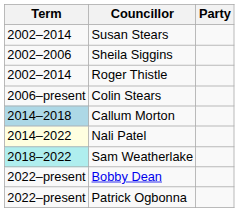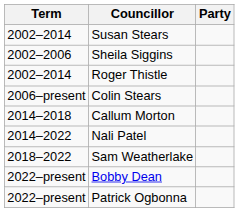 <table class="wikitable">
 <tr>
 <th>Term</th>
 <th>Councillor</th>
 <th colspan=2>Party</th>
 </tr>
 <tr>
 <td>2002–2014</td>
 <td>Susan Stears</td>
 <td></td>
 </tr>
 <tr>
 <td>2002–2006</td>
 <td>Sheila Siggins</td>
 <td></td>
 </tr>
 <tr>
 <td>2002–2014</td>
 <td>Roger Thistle</td>
 <td></td>
 </tr>
 <tr>
 <td>2006–present</td>
 <td>Colin Stears</td>
 <td></td>
 </tr>
 <tr>
-<td style="background: lightblue;">2014–2018</td>
+<td>2014–2018</td>
 <td>Callum Morton</td>
 <td></td>
 </tr>
 <tr>
-<td style="background: lightyellow;">2014–2022</td>
+<td>2014–2022</td>
 <td>Nali Patel</td>
 <td></td>
 </tr>
 <tr>
-<td style="background: paleturquoise;">2018–2022</td>
+<td>2018–2022</td>
 <td>Sam Weatherlake</td>
 <td></td>
 </tr>
 <tr>
 <td>2022–present</td>
 <td><a href='#'>Bobby Dean</a></td>
 <td></td>
 </tr>
 <tr>
 <td>2022–present</td>
 <td>Patrick Ogbonna</td>
 <td></td>
 </tr>
 </table>
